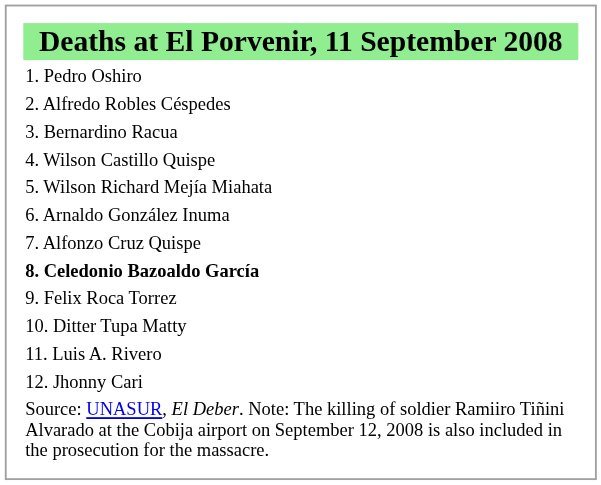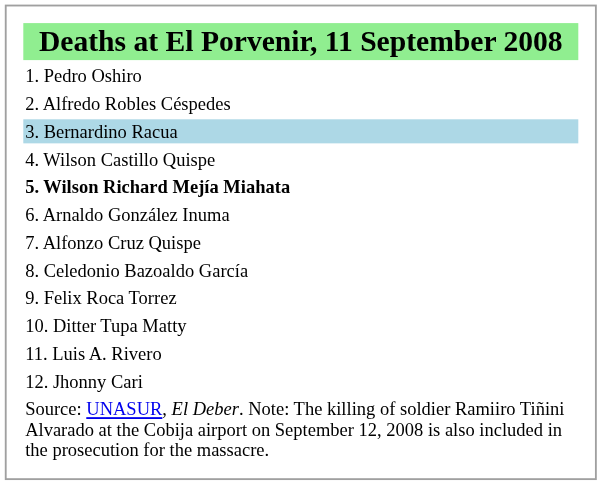 <table style="float:right; margin:1em; width:20em; border:1px solid #a0a0a0; padding:7px; bg-color=yellow; text-align:left;">
 <tr style="background:lightgreen; text-align:center;">
 <td><strong>Deaths at El Porvenir, 11 September 2008</strong><br></td>
 </tr>
 <tr style="text-align:left; font-size:x-small;">
 <td>1. Pedro Oshiro</td>
 </tr>
 <tr style="text-align:left; font-size:x-small;">
 <td>2. Alfredo Robles Céspedes</td>
 </tr>
 <tr style="text-align:left; font-size:x-small;">
-<td>3. Bernardino Racua</td>
+<td style="background: lightblue;">3. Bernardino Racua</td>
 </tr>
 <tr style="text-align:left; font-size:x-small;">
 <td>4. Wilson Castillo Quispe</td>
 </tr>
 <tr style="text-align:left; font-size:x-small;">
-<td>5. Wilson Richard Mejía Miahata</td>
+<td><strong>5. Wilson Richard Mejía Miahata</strong></td>
 </tr>
 <tr style="text-align:left; font-size:x-small;">
 <td>6. Arnaldo González Inuma</td>
 </tr>
 <tr style="text-align:left; font-size:x-small;">
 <td>7. Alfonzo Cruz Quispe</td>
 </tr>
 <tr style="text-align:left; font-size:x-small;">
-<td><strong>8. Celedonio Bazoaldo García</strong></td>
+<td>8. Celedonio Bazoaldo García</td>
 </tr>
 <tr style="text-align:left; font-size:x-small;">
 <td>9. Felix Roca Torrez</td>
 </tr>
 <tr style="text-align:left; font-size:x-small;">
 <td>10. Ditter Tupa Matty</td>
 </tr>
 <tr style="text-align:left; font-size:x-small;">
 <td>11. Luis A. Rivero</td>
 </tr>
 <tr style="text-align:left; font-size:x-small;">
 <td>12. Jhonny Cari</td>
 </tr>
 <tr style="text-align:left; font-size:x-small;">
 <td>Source: <a href='#'>UNASUR</a>, <em>El Deber</em>. Note: The killing of soldier Ramiiro Tiñini Alvarado at the Cobija airport on September 12, 2008 is also included in the prosecution for the massacre.</td>
 </tr>
 </table>
